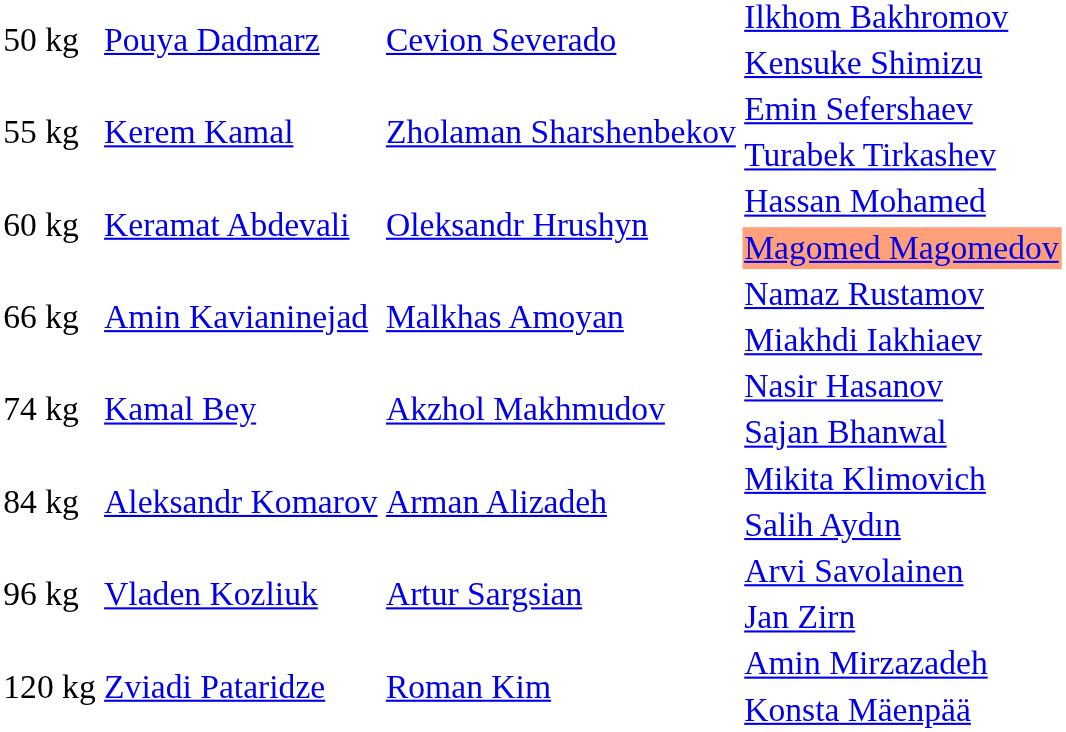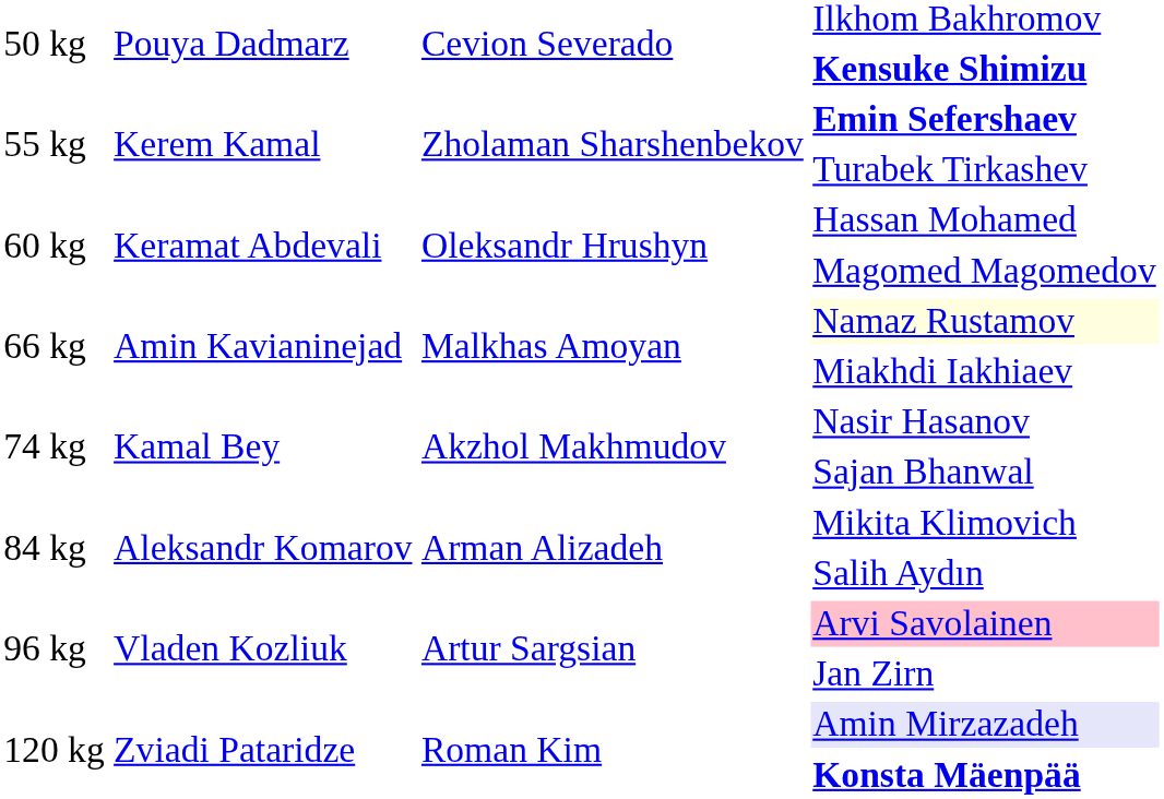 <table>
 <tr>
 <td rowspan=2>50 kg</td>
 <td rowspan=2> <a href='#'>Pouya Dadmarz</a></td>
 <td rowspan=2> <a href='#'>Cevion Severado</a></td>
 <td> <a href='#'>Ilkhom Bakhromov</a></td>
 </tr>
 <tr>
-<td> <a href='#'>Kensuke Shimizu</a></td>
+<td><strong> <a href='#'>Kensuke Shimizu</a></strong></td>
 </tr>
 <tr>
 <td rowspan=2>55 kg</td>
 <td rowspan=2> <a href='#'>Kerem Kamal</a></td>
 <td rowspan=2> <a href='#'>Zholaman Sharshenbekov</a></td>
-<td> <a href='#'>Emin Sefershaev</a></td>
+<td><strong> <a href='#'>Emin Sefershaev</a></strong></td>
 </tr>
 <tr>
 <td> <a href='#'>Turabek Tirkashev</a></td>
 </tr>
 <tr>
 <td rowspan=2>60 kg</td>
 <td rowspan=2> <a href='#'>Keramat Abdevali</a></td>
 <td rowspan=2> <a href='#'>Oleksandr Hrushyn</a></td>
 <td> <a href='#'>Hassan Mohamed</a></td>
 </tr>
 <tr>
-<td style="background: lightsalmon;"> <a href='#'>Magomed Magomedov</a></td>
+<td> <a href='#'>Magomed Magomedov</a></td>
 </tr>
 <tr>
 <td rowspan=2>66 kg</td>
 <td rowspan=2> <a href='#'>Amin Kavianinejad</a></td>
 <td rowspan=2> <a href='#'>Malkhas Amoyan</a></td>
-<td> <a href='#'>Namaz Rustamov</a></td>
+<td style="background: lightyellow;"> <a href='#'>Namaz Rustamov</a></td>
 </tr>
 <tr>
 <td> <a href='#'>Miakhdi Iakhiaev</a></td>
 </tr>
 <tr>
 <td rowspan=2>74 kg</td>
 <td rowspan=2> <a href='#'>Kamal Bey</a></td>
 <td rowspan=2> <a href='#'>Akzhol Makhmudov</a></td>
 <td> <a href='#'>Nasir Hasanov</a></td>
 </tr>
 <tr>
 <td> <a href='#'>Sajan Bhanwal</a></td>
 </tr>
 <tr>
 <td rowspan=2>84 kg</td>
 <td rowspan=2> <a href='#'>Aleksandr Komarov</a></td>
 <td rowspan=2> <a href='#'>Arman Alizadeh</a></td>
 <td> <a href='#'>Mikita Klimovich</a></td>
 </tr>
 <tr>
 <td> <a href='#'>Salih Aydın</a></td>
 </tr>
 <tr>
 <td rowspan=2>96 kg</td>
 <td rowspan=2> <a href='#'>Vladen Kozliuk</a></td>
 <td rowspan=2> <a href='#'>Artur Sargsian</a></td>
-<td> <a href='#'>Arvi Savolainen</a></td>
+<td style="background: pink;"> <a href='#'>Arvi Savolainen</a></td>
 </tr>
 <tr>
 <td> <a href='#'>Jan Zirn</a></td>
 </tr>
 <tr>
 <td rowspan=2>120 kg</td>
 <td rowspan=2> <a href='#'>Zviadi Pataridze</a></td>
 <td rowspan=2> <a href='#'>Roman Kim</a></td>
-<td> <a href='#'>Amin Mirzazadeh</a></td>
+<td style="background: lavender;"> <a href='#'>Amin Mirzazadeh</a></td>
 </tr>
 <tr>
-<td> <a href='#'>Konsta Mäenpää</a></td>
+<td><strong> <a href='#'>Konsta Mäenpää</a></strong></td>
 </tr>
 </table>
